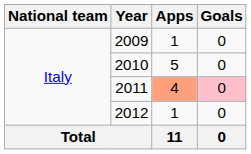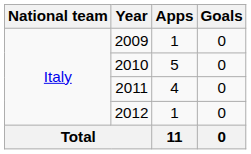 <table class="wikitable" style="text-align:center">
 <tr>
 <th>National team</th>
 <th>Year</th>
 <th>Apps</th>
 <th>Goals</th>
 </tr>
 <tr>
 <td rowspan="4"><a href='#'>Italy</a></td>
 <td>2009</td>
 <td>1</td>
 <td>0</td>
 </tr>
 <tr>
 <td>2010</td>
 <td>5</td>
 <td>0</td>
 </tr>
 <tr>
 <td>2011</td>
-<td style="background: lightsalmon;">4</td>
-<td style="background: pink;">0</td>
+<td>4</td>
+<td>0</td>
 </tr>
 <tr>
 <td>2012</td>
 <td>1</td>
 <td>0</td>
 </tr>
 <tr>
 <th colspan="2">Total</th>
 <th>11</th>
 <th>0</th>
 </tr>
 </table>
